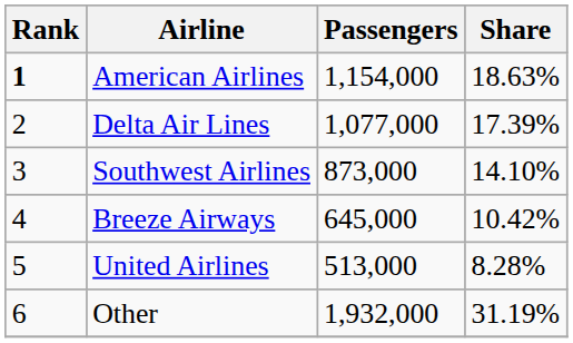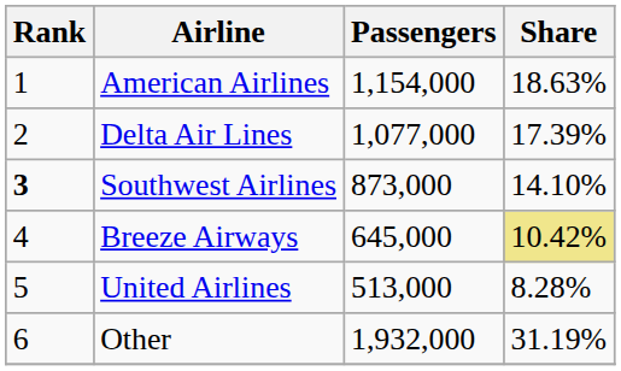 <table class="wikitable sortable" style="font-size: 95%">
 <tr>
 <th>Rank</th>
 <th>Airline</th>
 <th>Passengers</th>
 <th>Share</th>
 </tr>
 <tr>
-<td><strong>1</strong></td>
+<td>1</td>
 <td><a href='#'>American Airlines</a></td>
 <td>1,154,000</td>
 <td>18.63%</td>
 </tr>
 <tr>
 <td>2</td>
 <td><a href='#'>Delta Air Lines</a></td>
 <td>1,077,000</td>
 <td>17.39%</td>
 </tr>
 <tr>
-<td>3</td>
+<td><strong>3</strong></td>
 <td><a href='#'>Southwest Airlines</a></td>
 <td>873,000</td>
 <td>14.10%</td>
 </tr>
 <tr>
 <td>4</td>
 <td><a href='#'>Breeze Airways</a></td>
 <td>645,000</td>
-<td>10.42%</td>
+<td style="background: khaki;">10.42%</td>
 </tr>
 <tr>
 <td>5</td>
 <td><a href='#'>United Airlines</a></td>
 <td>513,000</td>
 <td>8.28%</td>
 </tr>
 <tr>
 <td>6</td>
 <td>Other</td>
 <td>1,932,000</td>
 <td>31.19%</td>
 </tr>
 <tr>
 </tr>
 </table>
